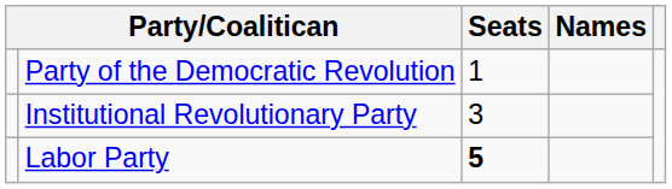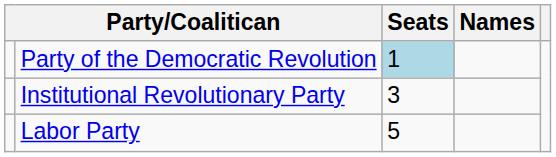 <table class="wikitable">
 <tr>
 <th colspan="2"><strong>Party/Coalitican</strong></th>
 <th>Seats</th>
 <th>Names</th>
 <th></th>
 </tr>
 <tr>
 <td></td>
 <td><a href='#'>Party of the Democratic Revolution</a></td>
-<td>1</td>
+<td style="background: lightblue;">1</td>
 <td></td>
 </tr>
 <tr>
 <td></td>
 <td><a href='#'>Institutional Revolutionary Party</a></td>
 <td>3</td>
 <td></td>
 </tr>
 <tr>
 <td></td>
 <td><a href='#'>Labor Party</a></td>
-<td><strong>5</strong></td>
+<td>5</td>
 <td></td>
 </tr>
 </table>
